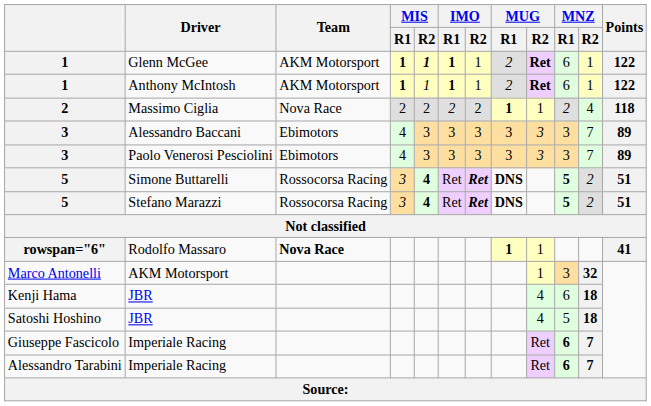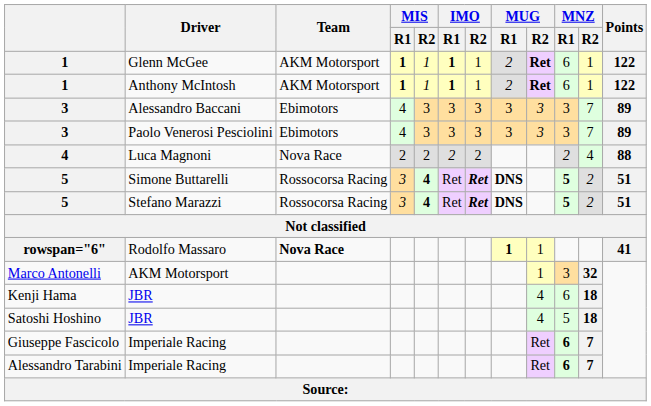 <table class="wikitable" style="font-size:85%; text-align:center;">
 <tr>
 <th rowspan="2"></th>
 <th rowspan="2">Driver</th>
 <th rowspan="2">Team</th>
 <th colspan="2"><a href='#'>MIS</a><br></th>
 <th colspan="2"><a href='#'>IMO</a><br></th>
 <th colspan="2"><a href='#'>MUG</a><br></th>
 <th colspan="2"><a href='#'>MNZ</a><br></th>
 <th rowspan="2">Points</th>
 </tr>
 <tr>
 <th>R1</th>
 <th>R2</th>
 <th>R1</th>
 <th>R2</th>
 <th>R1</th>
 <th>R2</th>
 <th>R1</th>
 <th>R2</th>
 </tr>
 <tr>
 <th>1</th>
 <td style="text-align:left"> Glenn McGee</td>
 <td style="text-align:left"> AKM Motorsport</td>
 <td style="background:#FFFFBF"><strong>1</strong></td>
-<td style="background:#FFFFBF"><strong><em>1</em></strong></td>
+<td style="background:#FFFFBF"><em>1</em></td>
 <td style="background:#FFFFBF"><strong>1</strong></td>
 <td style="background:#FFFFBF">1</td>
 <td style="background:#DFDFDF"><em>2</em></td>
 <td style="background:#EFCFFF"><strong>Ret</strong></td>
 <td style="background:#DFFFDF">6</td>
 <td style="background:#FFFFBF">1</td>
 <th>122</th>
 </tr>
 <tr>
 <th>1</th>
 <td style="text-align:left"> Anthony McIntosh</td>
 <td style="text-align:left"> AKM Motorsport</td>
 <td style="background:#FFFFBF"><strong>1</strong></td>
 <td style="background:#FFFFBF"><em>1</em></td>
 <td style="background:#FFFFBF"><strong>1</strong></td>
 <td style="background:#FFFFBF">1</td>
 <td style="background:#DFDFDF"><em>2</em></td>
 <td style="background:#EFCFFF"><strong>Ret</strong></td>
 <td style="background:#DFFFDF">6</td>
 <td style="background:#FFFFBF">1</td>
 <th>122</th>
-</tr>
-<tr>
-<th>2</th>
-<td style="text-align:left"> Massimo Ciglia</td>
-<td style="text-align:left"> Nova Race</td>
-<td style="background:#DFDFDF">2</td>
-<td style="background:#DFDFDF">2</td>
-<td style="background:#DFDFDF"><em>2</em></td>
-<td style="background:#DFDFDF">2</td>
-<td style="background:#FFFFBF"><strong>1</strong></td>
-<td style="background:#FFFFBF">1</td>
-<td style="background:#DFDFDF"><em>2</em></td>
-<td style="background:#DFFFDF">4</td>
-<th>118</th>
 </tr>
 <tr>
 <th>3</th>
 <td style="text-align:left"> Alessandro Baccani</td>
 <td style="text-align:left"> Ebimotors</td>
 <td style="background:#DFFFDF">4</td>
 <td style="background:#FFDF9F">3</td>
 <td style="background:#FFDF9F">3</td>
 <td style="background:#FFDF9F">3</td>
 <td style="background:#FFDF9F">3</td>
 <td style="background:#FFDF9F"><em>3</em></td>
 <td style="background:#FFDF9F">3</td>
 <td style="background:#DFFFDF">7</td>
 <th>89</th>
 </tr>
 <tr>
 <th>3</th>
 <td style="text-align:left"> Paolo Venerosi Pesciolini</td>
 <td style="text-align:left"> Ebimotors</td>
 <td style="background:#DFFFDF">4</td>
 <td style="background:#FFDF9F">3</td>
 <td style="background:#FFDF9F">3</td>
 <td style="background:#FFDF9F">3</td>
 <td style="background:#FFDF9F">3</td>
 <td style="background:#FFDF9F"><em>3</em></td>
 <td style="background:#FFDF9F">3</td>
 <td style="background:#DFFFDF">7</td>
 <th>89</th>
+</tr>
+<tr>
+<th>4</th>
+<td style="text-align:left"> Luca Magnoni</td>
+<td style="text-align:left"> Nova Race</td>
+<td style="background:#DFDFDF">2</td>
+<td style="background:#DFDFDF">2</td>
+<td style="background:#DFDFDF"><em>2</em></td>
+<td style="background:#DFDFDF">2</td>
+<td style="background:#"></td>
+<td style="background:#"></td>
+<td style="background:#DFDFDF"><em>2</em></td>
+<td style="background:#DFFFDF">4</td>
+<th>88</th>
 </tr>
 <tr>
 <th>5</th>
 <td style="text-align:left"> Simone Buttarelli</td>
 <td style="text-align:left"> Rossocorsa Racing</td>
 <td style="background:#FFDF9F"><em>3</em></td>
 <td style="background:#DFFFDF"><strong>4</strong></td>
 <td style="background:#EFCFFF">Ret</td>
 <td style="background:#EFCFFF"><strong><em>Ret</em></strong></td>
 <td style="background:#"><strong>DNS</strong></td>
 <td style="background:#"></td>
 <td style="background:#DFFFDF"><strong>5</strong></td>
 <td style="background:#DFDFDF"><em>2</em></td>
 <th>51</th>
 </tr>
 <tr>
 <th>5</th>
 <td style="text-align:left"> Stefano Marazzi</td>
 <td style="text-align:left"> Rossocorsa Racing</td>
 <td style="background:#FFDF9F"><em>3</em></td>
 <td style="background:#DFFFDF"><strong>4</strong></td>
 <td style="background:#EFCFFF">Ret</td>
 <td style="background:#EFCFFF"><strong><em>Ret</em></strong></td>
 <td style="background:#"><strong>DNS</strong></td>
 <td style="background:#"></td>
 <td style="background:#DFFFDF"><strong>5</strong></td>
 <td style="background:#DFDFDF"><em>2</em></td>
 <th>51</th>
 </tr>
 <tr>
 <th colspan="12">Not classified</th>
 </tr>
 <tr>
 <th>rowspan="6" </th>
 <td style="text-align:left"> Rodolfo Massaro</td>
 <td style="text-align:left"><strong> Nova Race</strong></td>
 <td style="background:#"></td>
 <td style="background:#"></td>
 <td style="background:#"></td>
 <td style="background:#"></td>
 <td style="background:#FFFFBF"><strong>1</strong></td>
 <td style="background:#FFFFBF">1</td>
 <td style="background:#"></td>
 <td style="background:#"></td>
 <th>41</th>
 </tr>
 <tr>
 <td style="text-align:left"> <a href='#'>Marco Antonelli</a></td>
 <td style="text-align:left"> AKM Motorsport</td>
 <td style="background:#"></td>
 <td style="background:#"></td>
 <td style="background:#"></td>
 <td style="background:#"></td>
 <td style="background:#"></td>
 <td style="background:#"></td>
 <td style="background:#FFFFBF">1</td>
 <td style="background:#FFDF9F">3</td>
 <th>32</th>
 </tr>
 <tr>
 <td style="text-align:left"> Kenji Hama</td>
 <td style="text-align:left"> <a href='#'>JBR</a></td>
 <td style="background:#"></td>
 <td style="background:#"></td>
 <td style="background:#"></td>
 <td style="background:#"></td>
 <td style="background:#"></td>
 <td style="background:#"></td>
 <td style="background:#DFFFDF">4</td>
 <td style="background:#DFFFDF">6</td>
 <th>18</th>
 </tr>
 <tr>
 <td style="text-align:left"> Satoshi Hoshino</td>
 <td style="text-align:left"> <a href='#'>JBR</a></td>
 <td style="background:#"></td>
 <td style="background:#"></td>
 <td style="background:#"></td>
 <td style="background:#"></td>
 <td style="background:#"></td>
 <td style="background:#"></td>
 <td style="background:#DFFFDF">4</td>
 <td style="background:#DFFFDF">5</td>
 <th>18</th>
 </tr>
 <tr>
 <td style="text-align:left"> Giuseppe Fascicolo</td>
 <td style="text-align:left"> Imperiale Racing</td>
 <td style="background:#"></td>
 <td style="background:#"></td>
 <td style="background:#"></td>
 <td style="background:#"></td>
 <td style="background:#"></td>
 <td style="background:#"></td>
 <td style="background:#EFCFFF">Ret</td>
 <td style="background:#DFFFDF"><strong>6</strong></td>
 <th>7</th>
 </tr>
 <tr>
 <td style="text-align:left"> Alessandro Tarabini</td>
 <td style="text-align:left"> Imperiale Racing</td>
 <td style="background:#"></td>
 <td style="background:#"></td>
 <td style="background:#"></td>
 <td style="background:#"></td>
 <td style="background:#"></td>
 <td style="background:#"></td>
 <td style="background:#EFCFFF">Ret</td>
 <td style="background:#DFFFDF"><strong>6</strong></td>
 <th>7</th>
 </tr>
 <tr>
 <th colspan="12">Source:</th>
 </tr>
 </table>
